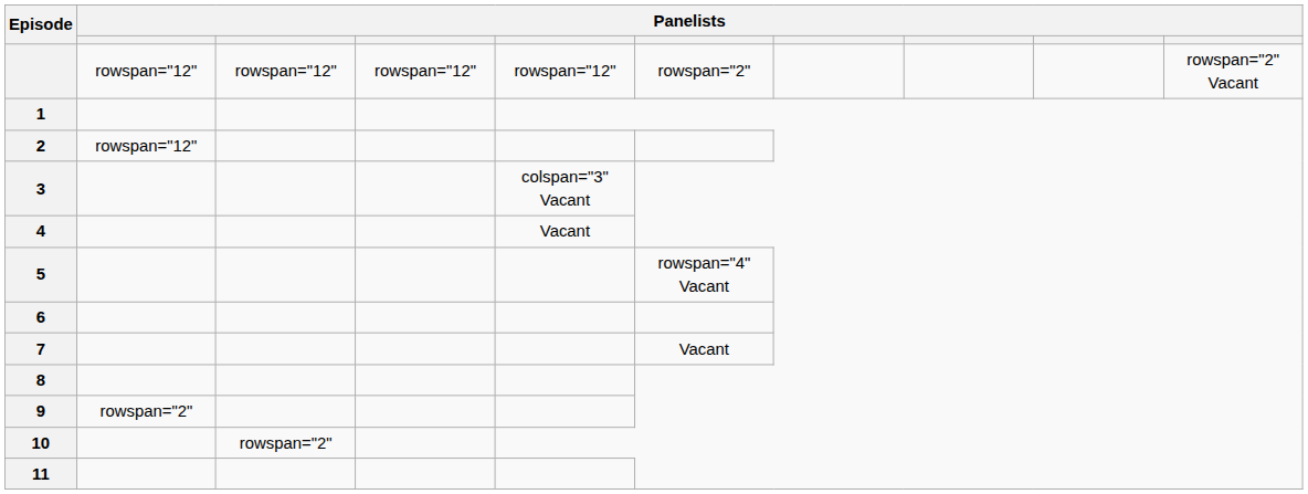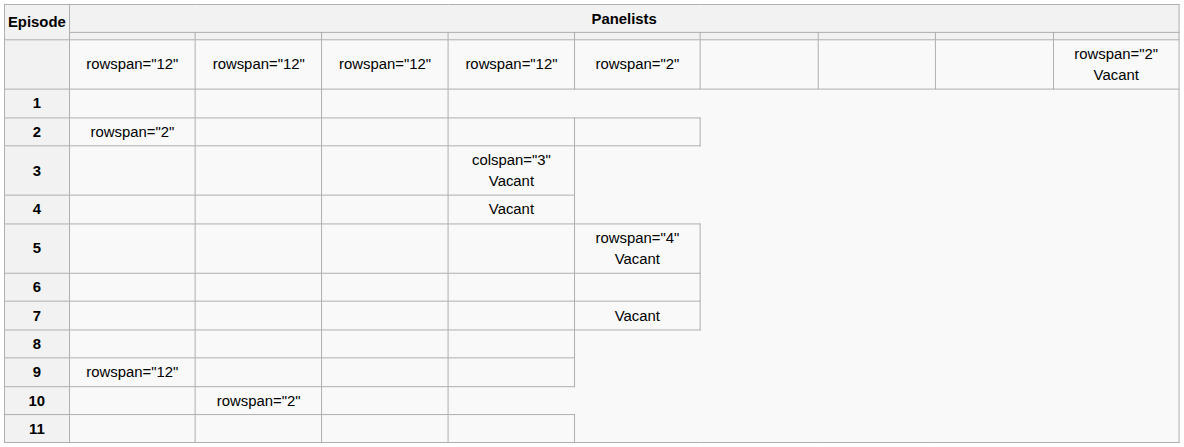 <table class="wikitable plainrowheaders mw-collapsible" style="text-align:center; line-height:23px; width:100%;">
 <tr>
 <th rowspan="2" width="1%">Episode</th>
 <th colspan="9">Panelists</th>
 </tr>
 <tr>
 <th width="11%"></th>
 <th width="11%"></th>
 <th width="11%"></th>
 <th width="11%"></th>
 <th width="11%"></th>
 <th width="11%"></th>
 <th width="11%"></th>
 <th width="11%"></th>
 <th width="11%"></th>
 </tr>
 <tr>
 <th></th>
 <td>rowspan="12" </td>
 <td>rowspan="12" </td>
 <td>rowspan="12" </td>
 <td>rowspan="12" </td>
 <td>rowspan="2" </td>
 <td></td>
 <td></td>
 <td></td>
 <td>rowspan="2"  Vacant</td>
 </tr>
 <tr>
 <th>1</th>
 <td></td>
 <td></td>
 <td></td>
 </tr>
 <tr>
 <th>2</th>
-<td>rowspan="12" </td>
+<td>rowspan="2" </td>
 <td></td>
 <td></td>
 <td></td>
 <td></td>
 </tr>
 <tr>
 <th>3</th>
 <td></td>
 <td></td>
 <td></td>
 <td>colspan="3"  Vacant</td>
 </tr>
 <tr>
 <th>4</th>
 <td></td>
 <td></td>
 <td></td>
 <td> Vacant</td>
 </tr>
 <tr>
 <th>5</th>
 <td></td>
 <td></td>
 <td></td>
 <td></td>
 <td>rowspan="4"  Vacant</td>
 </tr>
 <tr>
 <th>6</th>
 <td></td>
 <td></td>
 <td></td>
 <td></td>
 <td></td>
 </tr>
 <tr>
 <th>7</th>
 <td></td>
 <td></td>
 <td></td>
 <td></td>
 <td> Vacant</td>
 </tr>
 <tr>
 <th>8</th>
 <td></td>
 <td></td>
 <td></td>
 <td></td>
 </tr>
 <tr>
 <th>9</th>
-<td>rowspan="2" </td>
+<td>rowspan="12" </td>
 <td></td>
 <td></td>
 <td></td>
 </tr>
 <tr>
 <th>10</th>
 <td></td>
 <td>rowspan="2" </td>
 <td></td>
 </tr>
 <tr>
 <th>11</th>
 <td></td>
 <td></td>
 <td></td>
 <td></td>
 </tr>
 </table>
